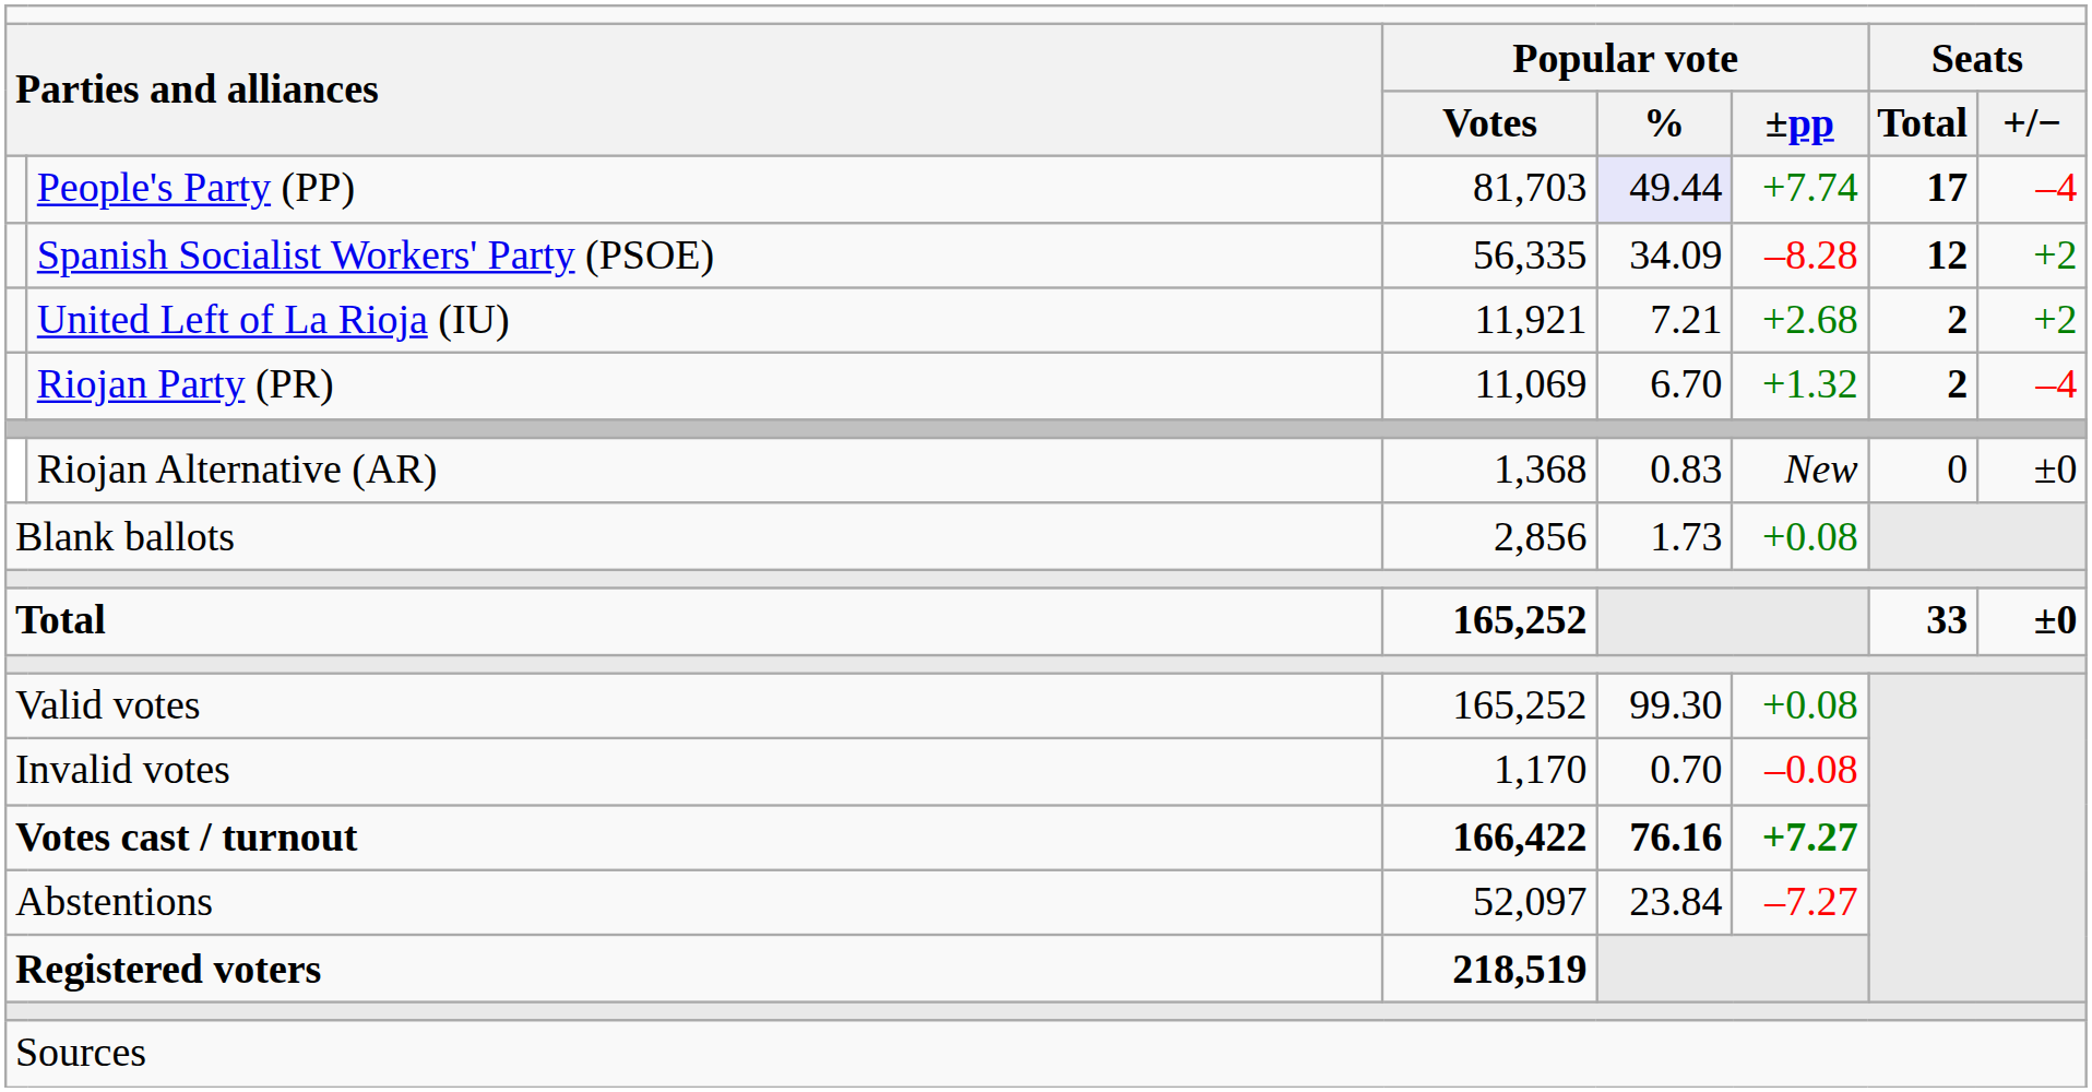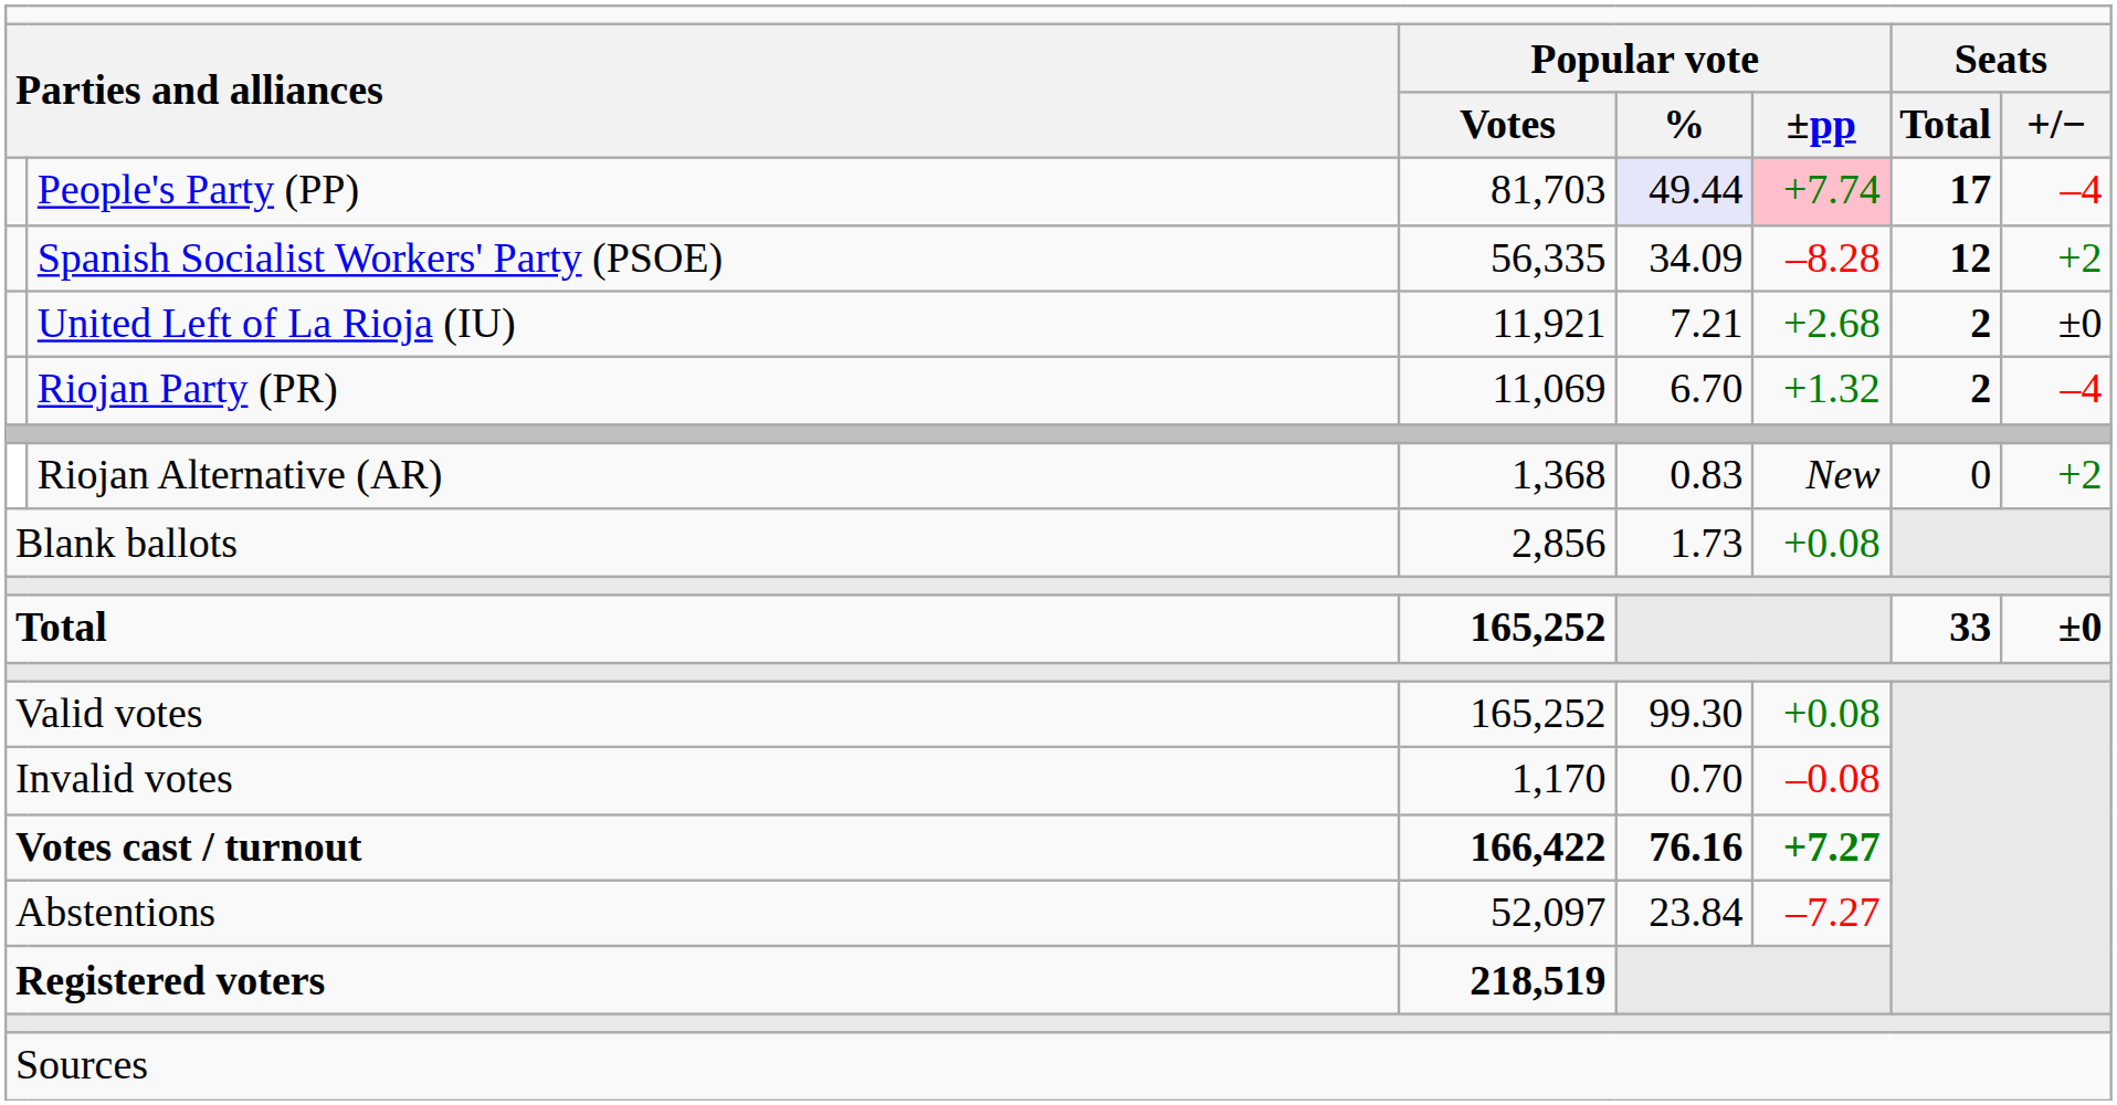 <table class="wikitable" style="text-align:right;">
 <tr>
 <td colspan="7"></td>
 </tr>
 <tr>
 <th style="text-align:left;" rowspan="2" colspan="2" width="525">Parties and alliances</th>
 <th colspan="3">Popular vote</th>
 <th colspan="2">Seats</th>
 </tr>
 <tr>
 <th width="75">Votes</th>
 <th width="45">%</th>
 <th width="45">±<a href='#'>pp</a></th>
 <th width="35">Total</th>
 <th width="35">+/−</th>
 </tr>
 <tr>
 <td width="1" style="color:inherit;background:"></td>
 <td align="left"><a href='#'>People's Party</a> (PP)</td>
 <td>81,703</td>
 <td style="background: lavender;">49.44</td>
-<td style="color:green;">+7.74</td>
+<td style="background: pink; color:green;">+7.74</td>
 <td><strong>17</strong></td>
 <td style="color:red;">–4</td>
 </tr>
 <tr>
 <td style="color:inherit;background:"></td>
 <td align="left"><a href='#'>Spanish Socialist Workers' Party</a> (PSOE)</td>
 <td>56,335</td>
 <td>34.09</td>
 <td style="color:red;">–8.28</td>
 <td><strong>12</strong></td>
 <td style="color:green;">+2</td>
 </tr>
 <tr>
 <td style="color:inherit;background:"></td>
 <td align="left"><a href='#'>United Left of La Rioja</a> (IU)</td>
 <td>11,921</td>
 <td>7.21</td>
 <td style="color:green;">+2.68</td>
 <td><strong>2</strong></td>
-<td style="color:green;">+2</td>
+<td>±0</td>
 </tr>
 <tr>
 <td style="color:inherit;background:"></td>
 <td align="left"><a href='#'>Riojan Party</a> (PR)</td>
 <td>11,069</td>
 <td>6.70</td>
 <td style="color:green;">+1.32</td>
 <td><strong>2</strong></td>
 <td style="color:red;">–4</td>
 </tr>
 <tr>
 <td colspan="7" bgcolor="#C0C0C0"></td>
 </tr>
 <tr>
 <td bgcolor="white"></td>
 <td align="left">Riojan Alternative (AR)</td>
 <td>1,368</td>
 <td>0.83</td>
 <td><em>New</em></td>
 <td>0</td>
-<td>±0</td>
+<td style="color:green;">+2</td>
 </tr>
 <tr>
 <td align="left" colspan="2">Blank ballots</td>
 <td>2,856</td>
 <td>1.73</td>
 <td style="color:green;">+0.08</td>
 <td bgcolor="#E9E9E9" colspan="2"></td>
 </tr>
 <tr>
 <td colspan="7" bgcolor="#E9E9E9"></td>
 </tr>
 <tr style="font-weight:bold;">
 <td align="left" colspan="2">Total</td>
 <td>165,252</td>
 <td bgcolor="#E9E9E9" colspan="2"></td>
 <td>33</td>
 <td>±0</td>
 </tr>
 <tr>
 <td colspan="7" bgcolor="#E9E9E9"></td>
 </tr>
 <tr>
 <td align="left" colspan="2">Valid votes</td>
 <td>165,252</td>
 <td>99.30</td>
 <td style="color:green;">+0.08</td>
 <td bgcolor="#E9E9E9" colspan="2" rowspan="5"></td>
 </tr>
 <tr>
 <td align="left" colspan="2">Invalid votes</td>
 <td>1,170</td>
 <td>0.70</td>
 <td style="color:red;">–0.08</td>
 </tr>
 <tr style="font-weight:bold;">
 <td align="left" colspan="2">Votes cast / turnout</td>
 <td>166,422</td>
 <td>76.16</td>
 <td style="color:green;">+7.27</td>
 </tr>
 <tr>
 <td align="left" colspan="2">Abstentions</td>
 <td>52,097</td>
 <td>23.84</td>
 <td style="color:red;">–7.27</td>
 </tr>
 <tr style="font-weight:bold;">
 <td align="left" colspan="2">Registered voters</td>
 <td>218,519</td>
 <td bgcolor="#E9E9E9" colspan="2"></td>
 </tr>
 <tr>
 <td colspan="7" bgcolor="#E9E9E9"></td>
 </tr>
 <tr>
 <td align="left" colspan="7">Sources</td>
 </tr>
 </table>
